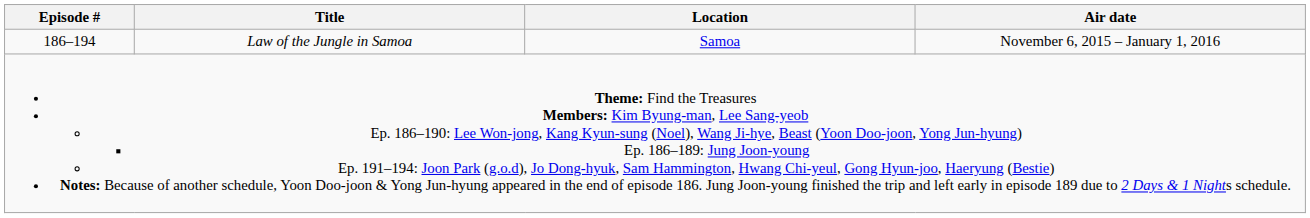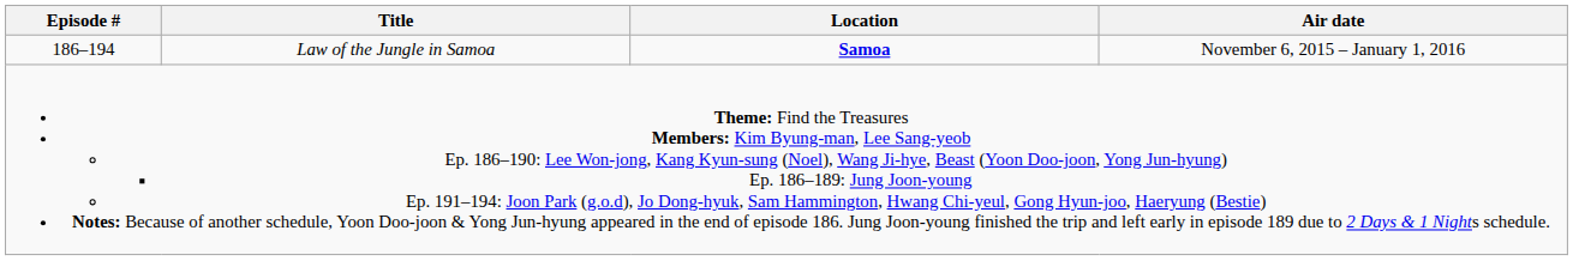 <table class="wikitable" style="text-align:center; font-size:90%; width:100%;">
 <tr>
 <th width="10%">Episode #</th>
 <th width="30%">Title</th>
 <th width="30%">Location</th>
 <th width="30%">Air date</th>
 </tr>
 <tr>
 <td>186–194</td>
 <td><em>Law of the Jungle in Samoa</em></td>
-<td><a href='#'>Samoa</a></td>
+<td><strong><a href='#'>Samoa</a></strong></td>
 <td>November 6, 2015 – January 1, 2016</td>
 </tr>
 <tr>
 <td colspan="4"><br><ul><li><strong>Theme:</strong> Find the Treasures</li><li><strong>Members:</strong> <a href='#'>Kim Byung-man</a>, <a href='#'>Lee Sang-yeob</a><ul><li>Ep. 186–190: <a href='#'>Lee Won-jong</a>, <a href='#'>Kang Kyun-sung</a> (<a href='#'>Noel</a>), <a href='#'>Wang Ji-hye</a>, <a href='#'>Beast</a> (<a href='#'>Yoon Doo-joon</a>, <a href='#'>Yong Jun-hyung</a>)<ul><li>Ep. 186–189: <a href='#'>Jung Joon-young</a></li></ul></li><li>Ep. 191–194: <a href='#'>Joon Park</a> (<a href='#'>g.o.d</a>), <a href='#'>Jo Dong-hyuk</a>, <a href='#'>Sam Hammington</a>, <a href='#'>Hwang Chi-yeul</a>, <a href='#'>Gong Hyun-joo</a>, <a href='#'>Haeryung</a> (<a href='#'>Bestie</a>)</li></ul></li><li><strong>Notes:</strong> Because of another schedule, Yoon Doo-joon & Yong Jun-hyung appeared in the end of episode 186. Jung Joon-young finished the trip and left early in episode 189 due to <em><a href='#'>2 Days & 1 Night</a></em>s schedule.</li></ul></td>
 </tr>
 </table>
